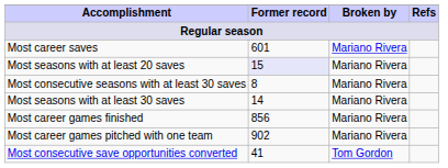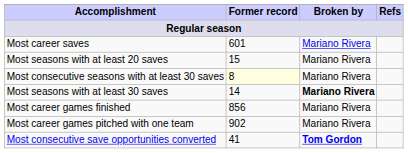 <table class="wikitable" margin: 5px; text-align: center;>
 <tr>
 </tr>
 <tr>
 <th style="background:#ccccff;">Accomplishment</th>
 <th style="background:#ccccff;">Former record</th>
 <th style="background:#ccccff;">Broken by</th>
 <th style="background:#ccccff;">Refs</th>
 </tr>
 <tr>
 <th style="background:#ddddee;" colspan="4">Regular season</th>
 </tr>
 <tr>
 <td>Most career saves</td>
 <td>601</td>
 <td><a href='#'>Mariano Rivera</a> </td>
 <td></td>
 </tr>
 <tr>
 <td>Most seasons with at least 20 saves</td>
-<td style="background: lavender;">15 </td>
+<td>15 </td>
 <td>Mariano Rivera </td>
 <td></td>
 </tr>
 <tr>
 <td>Most consecutive seasons with at least 30 saves</td>
-<td>8</td>
+<td style="background: lightyellow;">8</td>
 <td>Mariano Rivera </td>
 <td></td>
 </tr>
 <tr>
 <td>Most seasons with at least 30 saves</td>
 <td>14 </td>
-<td>Mariano Rivera </td>
+<td><strong>Mariano Rivera </strong></td>
 <td></td>
 </tr>
 <tr>
 <td>Most career games finished</td>
 <td>856</td>
 <td>Mariano Rivera </td>
 <td></td>
 </tr>
 <tr>
 <td>Most career games pitched with one team</td>
 <td>902</td>
 <td>Mariano Rivera </td>
 <td></td>
 </tr>
 <tr>
 <td><a href='#'>Most consecutive save opportunities converted</a></td>
 <td>41</td>
-<td><a href='#'>Tom Gordon</a> </td>
+<td><strong><a href='#'>Tom Gordon</a> </strong></td>
 <td></td>
 </tr>
 </table>
